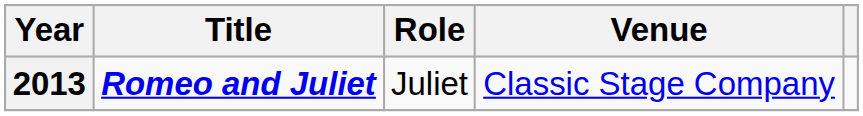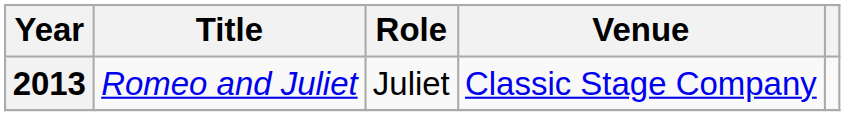 <table class="wikitable plainrowheaders">
 <tr>
 <th scope="col">Year</th>
 <th scope="col">Title</th>
 <th scope="col">Role</th>
 <th scope="col">Venue</th>
 <th scope="col"></th>
 </tr>
 <tr>
 <th scope="row">2013</th>
-<td><strong><em><a href='#'>Romeo and Juliet</a></em></strong></td>
+<td><em><a href='#'>Romeo and Juliet</a></em></td>
 <td>Juliet</td>
 <td><a href='#'>Classic Stage Company</a></td>
 <td style="text-align:center;"></td>
 </tr>
 <tr>
 </tr>
 </table>
